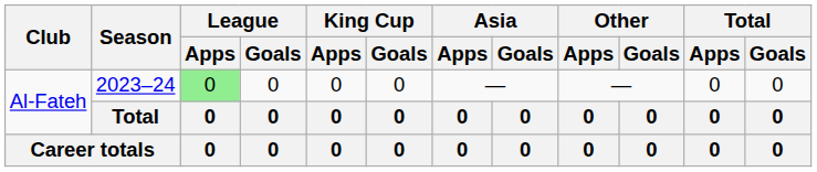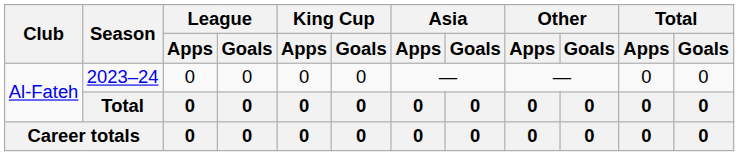 <table class="wikitable" style="text-align: center">
 <tr>
 <th rowspan=2>Club</th>
 <th rowspan=2>Season</th>
 <th colspan=2>League</th>
 <th colspan=2>King Cup</th>
 <th colspan=2>Asia</th>
 <th colspan=2>Other</th>
 <th colspan=2>Total</th>
 </tr>
 <tr>
 <th>Apps</th>
 <th>Goals</th>
 <th>Apps</th>
 <th>Goals</th>
 <th>Apps</th>
 <th>Goals</th>
 <th>Apps</th>
 <th>Goals</th>
 <th>Apps</th>
 <th>Goals</th>
 </tr>
 <tr>
 <td rowspan=2><a href='#'>Al-Fateh</a></td>
 <td><a href='#'>2023–24</a></td>
-<td style="background: lightgreen;">0</td>
+<td>0</td>
 <td>0</td>
 <td>0</td>
 <td>0</td>
 <td colspan=2>—</td>
 <td colspan=2>—</td>
 <td>0</td>
 <td>0</td>
 </tr>
 <tr>
 <th>Total</th>
 <th>0</th>
 <th>0</th>
 <th>0</th>
 <th>0</th>
 <th>0</th>
 <th>0</th>
 <th>0</th>
 <th>0</th>
 <th>0</th>
 <th>0</th>
 </tr>
 <tr>
 <th colspan=2>Career totals</th>
 <th>0</th>
 <th>0</th>
 <th>0</th>
 <th>0</th>
 <th>0</th>
 <th>0</th>
 <th>0</th>
 <th>0</th>
 <th>0</th>
 <th>0</th>
 </tr>
 </table>
